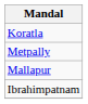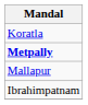 <table class="wikitable sortable static-row-numbers static-row-header-hash">
 <tr>
 <th>Mandal</th>
 </tr>
 <tr>
 <td><a href='#'>Koratla</a></td>
 </tr>
 <tr>
-<td><a href='#'>Metpally</a></td>
+<td><strong><a href='#'>Metpally</a></strong></td>
 </tr>
 <tr>
 <td><a href='#'>Mallapur</a></td>
 </tr>
 <tr>
 <td>Ibrahimpatnam</td>
 </tr>
 <tr>
 </tr>
 </table>
